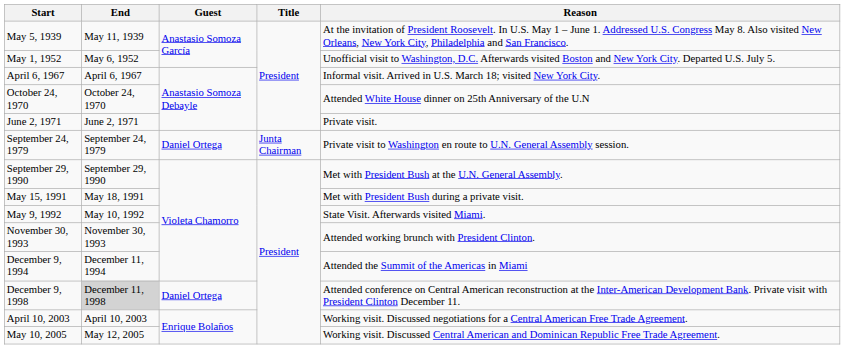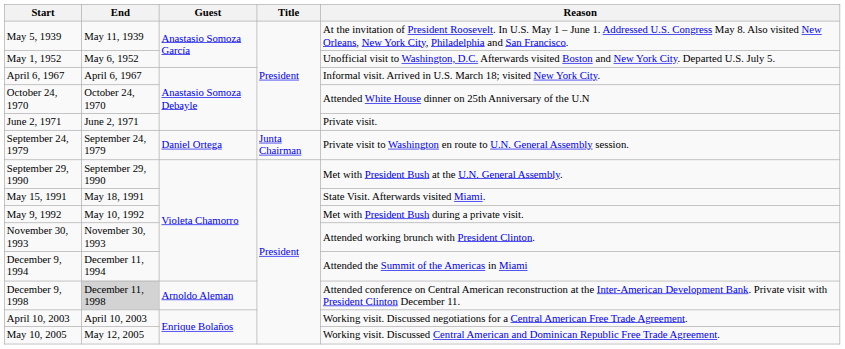 <table class="wikitable sortable">
 <tr>
 <th>Start</th>
 <th>End</th>
 <th>Guest</th>
 <th>Title</th>
 <th>Reason</th>
 </tr>
 <tr>
 <td>May 5, 1939</td>
 <td>May 11, 1939</td>
 <td rowspan=2><a href='#'>Anastasio Somoza García</a></td>
 <td rowspan=5><a href='#'>President</a></td>
 <td>At the invitation of <a href='#'>President Roosevelt</a>. In U.S. May 1 – June 1. <a href='#'>Addressed U.S. Congress</a> May 8. Also visited <a href='#'>New Orleans</a>, <a href='#'>New York City</a>, <a href='#'>Philadelphia</a> and <a href='#'>San Francisco</a>.</td>
 </tr>
 <tr>
 <td>May 1, 1952</td>
 <td>May 6, 1952</td>
 <td>Unofficial visit to <a href='#'>Washington, D.C.</a> Afterwards visited <a href='#'>Boston</a> and <a href='#'>New York City</a>. Departed U.S. July 5.</td>
 </tr>
 <tr>
 <td>April 6, 1967</td>
 <td>April 6, 1967</td>
 <td rowspan=3><a href='#'>Anastasio Somoza Debayle</a></td>
 <td>Informal visit. Arrived in U.S. March 18; visited <a href='#'>New York City</a>.</td>
 </tr>
 <tr>
 <td>October 24, 1970</td>
 <td>October 24, 1970</td>
 <td>Attended <a href='#'>White House</a> dinner on 25th Anniversary of the U.N</td>
 </tr>
 <tr>
 <td>June 2, 1971</td>
 <td>June 2, 1971</td>
 <td>Private visit.</td>
 </tr>
 <tr>
 <td>September 24, 1979</td>
 <td>September 24, 1979</td>
 <td><a href='#'>Daniel Ortega</a></td>
 <td><a href='#'>Junta Chairman</a></td>
 <td>Private visit to <a href='#'>Washington</a> en route to <a href='#'>U.N. General Assembly</a> session.</td>
 </tr>
 <tr>
 <td>September 29, 1990</td>
 <td>September 29, 1990</td>
 <td rowspan=5><a href='#'>Violeta Chamorro</a></td>
 <td rowspan=8><a href='#'>President</a></td>
 <td>Met with <a href='#'>President Bush</a> at the <a href='#'>U.N. General Assembly</a>.</td>
 </tr>
 <tr>
 <td>May 15, 1991</td>
 <td>May 18, 1991</td>
-<td>Met with <a href='#'>President Bush</a> during a private visit.</td>
+<td>State Visit. Afterwards visited <a href='#'>Miami</a>.</td>
 </tr>
 <tr>
 <td>May 9, 1992</td>
 <td>May 10, 1992</td>
-<td>State Visit. Afterwards visited <a href='#'>Miami</a>.</td>
+<td>Met with <a href='#'>President Bush</a> during a private visit.</td>
 </tr>
 <tr>
 <td>November 30, 1993</td>
 <td>November 30, 1993</td>
 <td>Attended working brunch with <a href='#'>President Clinton</a>.</td>
 </tr>
 <tr>
 <td>December 9, 1994</td>
 <td>December 11, 1994</td>
 <td>Attended the <a href='#'>Summit of the Americas</a> in <a href='#'>Miami</a></td>
 </tr>
 <tr>
 <td>December 9, 1998</td>
 <td style="background: lightgrey;">December 11, 1998</td>
-<td><a href='#'>Daniel Ortega</a></td>
+<td><a href='#'>Arnoldo Aleman</a></td>
 <td>Attended conference on Central American reconstruction at the <a href='#'>Inter-American Development Bank</a>. Private visit with <a href='#'>President Clinton</a> December 11.</td>
 </tr>
 <tr>
 <td>April 10, 2003</td>
 <td>April 10, 2003</td>
 <td rowspan=2><a href='#'>Enrique Bolaños</a></td>
 <td>Working visit. Discussed negotiations for a <a href='#'>Central American Free Trade Agreement</a>.</td>
 </tr>
 <tr>
 <td>May 10, 2005</td>
 <td>May 12, 2005</td>
 <td>Working visit. Discussed <a href='#'>Central American and Dominican Republic Free Trade Agreement</a>.</td>
 </tr>
 </table>
